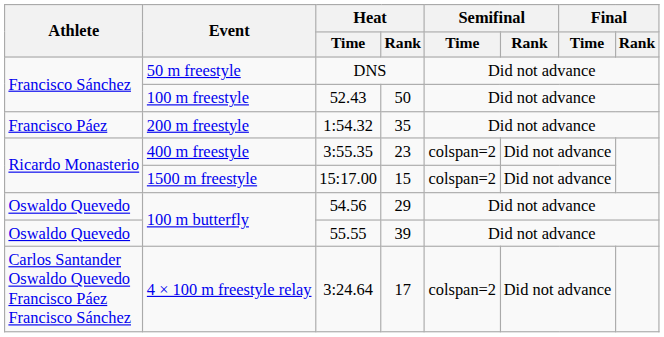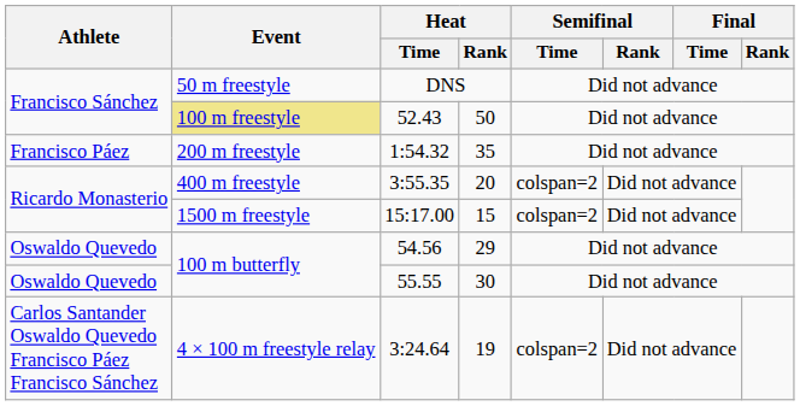 <table class=wikitable style="font-size:90%">
 <tr>
 <th rowspan="2">Athlete</th>
 <th rowspan="2">Event</th>
 <th colspan="2">Heat</th>
 <th colspan="2">Semifinal</th>
 <th colspan="2">Final</th>
 </tr>
 <tr style="font-size:95%">
 <th>Time</th>
 <th>Rank</th>
 <th>Time</th>
 <th>Rank</th>
 <th>Time</th>
 <th>Rank</th>
 </tr>
 <tr align=center>
 <td align=left rowspan="2"><a href='#'>Francisco Sánchez</a></td>
 <td align=left><a href='#'>50 m freestyle</a></td>
 <td colspan="2">DNS</td>
 <td colspan=4>Did not advance</td>
 </tr>
 <tr align=center>
-<td align=left><a href='#'>100 m freestyle</a></td>
+<td align=left style="background: khaki;"><a href='#'>100 m freestyle</a></td>
 <td>52.43</td>
 <td>50</td>
 <td colspan=4>Did not advance</td>
 </tr>
 <tr align=center>
 <td align=left><a href='#'>Francisco Páez</a></td>
 <td align=left><a href='#'>200 m freestyle</a></td>
 <td>1:54.32</td>
 <td>35</td>
 <td colspan=4>Did not advance</td>
 </tr>
 <tr align=center>
 <td align=left rowspan="2"><a href='#'>Ricardo Monasterio</a></td>
 <td align=left><a href='#'>400 m freestyle</a></td>
 <td>3:55.35</td>
-<td>23</td>
+<td>20</td>
 <td>colspan=2 </td>
 <td colspan=2>Did not advance</td>
 </tr>
 <tr align=center>
 <td align=left><a href='#'>1500 m freestyle</a></td>
 <td>15:17.00</td>
 <td>15</td>
 <td>colspan=2 </td>
 <td colspan=2>Did not advance</td>
 </tr>
 <tr align=center>
 <td align=left><a href='#'>Oswaldo Quevedo</a></td>
 <td align=left rowspan="2"><a href='#'>100 m butterfly</a></td>
 <td>54.56</td>
 <td>29</td>
 <td colspan=4>Did not advance</td>
 </tr>
 <tr align=center>
 <td align=left><a href='#'>Oswaldo Quevedo</a></td>
 <td>55.55</td>
-<td>39</td>
+<td>30</td>
 <td colspan=4>Did not advance</td>
 </tr>
 <tr align=center>
 <td align=left><a href='#'>Carlos Santander</a><br><a href='#'>Oswaldo Quevedo</a><br><a href='#'>Francisco Páez</a><br><a href='#'>Francisco Sánchez</a></td>
 <td align=left><a href='#'>4 × 100 m freestyle relay</a></td>
 <td>3:24.64</td>
-<td>17</td>
+<td>19</td>
 <td>colspan=2 </td>
 <td colspan=2>Did not advance</td>
 </tr>
 </table>
